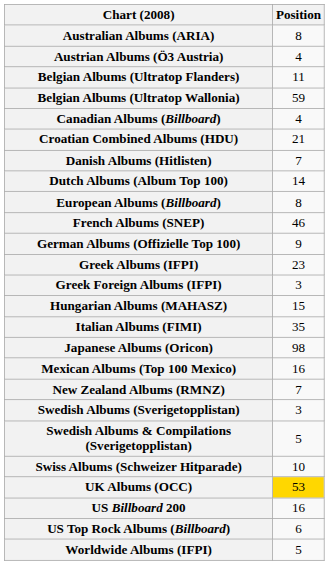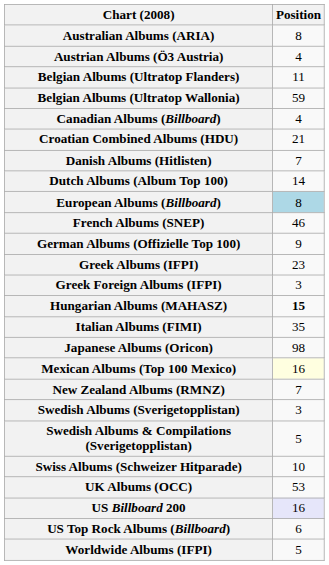 <table class="wikitable plainrowheaders sortable" style="text-align:center;">
 <tr>
 <th scope="col" style="width:20em;">Chart (2008)</th>
 <th scope="col">Position</th>
 </tr>
 <tr>
 <th scope="row">Australian Albums (ARIA)</th>
 <td>8</td>
 </tr>
 <tr>
 <th scope="row">Austrian Albums (Ö3 Austria)</th>
 <td>4</td>
 </tr>
 <tr>
 <th scope="row">Belgian Albums (Ultratop Flanders)</th>
 <td>11</td>
 </tr>
 <tr>
 <th scope="row">Belgian Albums (Ultratop Wallonia)</th>
 <td>59</td>
 </tr>
 <tr>
 <th scope="row">Canadian Albums (<em>Billboard</em>)</th>
 <td>4</td>
 </tr>
 <tr>
 <th scope="row">Croatian Combined Albums (HDU)</th>
 <td>21</td>
 </tr>
 <tr>
 <th scope="row">Danish Albums (Hitlisten)</th>
 <td>7</td>
 </tr>
 <tr>
 <th scope="row">Dutch Albums (Album Top 100)</th>
 <td>14</td>
 </tr>
 <tr>
 <th scope="row">European Albums (<em>Billboard</em>)</th>
-<td>8</td>
+<td style="background: lightblue;">8</td>
 </tr>
 <tr>
 <th scope="row">French Albums (SNEP)</th>
 <td>46</td>
 </tr>
 <tr>
 <th scope="row">German Albums (Offizielle Top 100)</th>
 <td>9</td>
 </tr>
 <tr>
 <th scope="row">Greek Albums (IFPI)</th>
 <td>23</td>
 </tr>
 <tr>
 <th scope="row">Greek Foreign Albums (IFPI)</th>
 <td>3</td>
 </tr>
 <tr>
 <th scope="row">Hungarian Albums (MAHASZ)</th>
-<td>15</td>
+<td><strong>15</strong></td>
 </tr>
 <tr>
 <th scope="row">Italian Albums (FIMI)</th>
 <td>35</td>
 </tr>
 <tr>
 <th scope="row">Japanese Albums (Oricon)</th>
 <td>98</td>
 </tr>
 <tr>
 <th scope="row">Mexican Albums (Top 100 Mexico)</th>
-<td>16</td>
+<td style="background: lightyellow;">16</td>
 </tr>
 <tr>
 <th scope="row">New Zealand Albums (RMNZ)</th>
 <td>7</td>
 </tr>
 <tr>
 <th scope="row">Swedish Albums (Sverigetopplistan)</th>
 <td>3</td>
 </tr>
 <tr>
 <th scope="row">Swedish Albums & Compilations (Sverigetopplistan)</th>
 <td>5</td>
 </tr>
 <tr>
 <th scope="row">Swiss Albums (Schweizer Hitparade)</th>
 <td>10</td>
 </tr>
 <tr>
 <th scope="row">UK Albums (OCC)</th>
-<td style="background: gold;">53</td>
+<td>53</td>
 </tr>
 <tr>
 <th scope="row">US <em>Billboard</em> 200</th>
-<td>16</td>
+<td style="background: lavender;">16</td>
 </tr>
 <tr>
 <th scope="row">US Top Rock Albums (<em>Billboard</em>)</th>
 <td>6</td>
 </tr>
 <tr>
 <th scope="row">Worldwide Albums (IFPI)</th>
 <td>5</td>
 </tr>
 </table>
